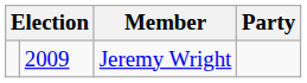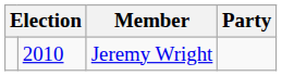 <table class="wikitable">
 <tr>
 <th colspan="2">Election</th>
 <th>Member</th>
 <th>Party</th>
 </tr>
 <tr>
 <td style="color:inherit;background-color: "></td>
-<td><a href='#'>2009</a></td>
+<td><a href='#'>2010</a></td>
 <td><a href='#'>Jeremy Wright</a></td>
 <td></td>
 </tr>
 </table>
